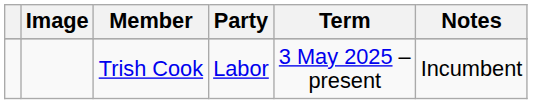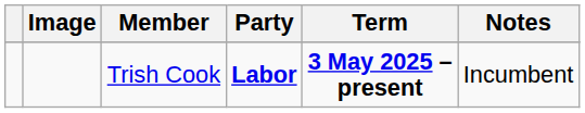 <table class=wikitable style="text-align:center">
 <tr>
 <th></th>
 <th>Image</th>
 <th>Member</th>
 <th>Party</th>
 <th>Term</th>
 <th>Notes</th>
 </tr>
 <tr>
 </tr>
 <tr>
 <td> </td>
 <td></td>
 <td><a href='#'>Trish Cook</a><br></td>
-<td><a href='#'>Labor</a></td>
-<td nowrap><a href='#'>3 May 2025</a> –<br>present</td>
+<td><strong><a href='#'>Labor</a></strong></td>
+<td nowrap><strong><a href='#'>3 May 2025</a> –<br>present</strong></td>
 <td>Incumbent</td>
 </tr>
 </table>
